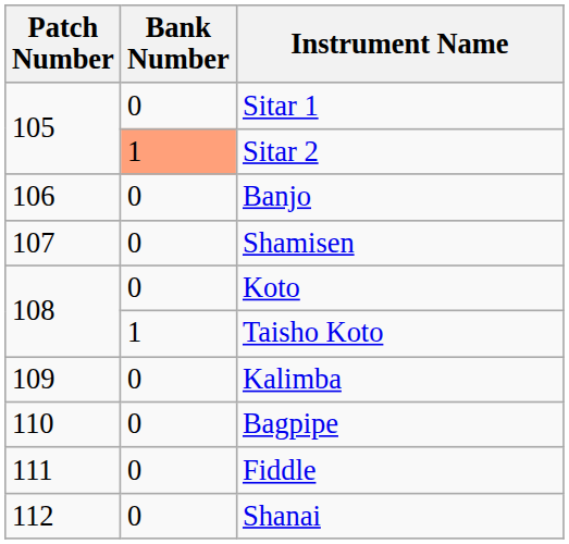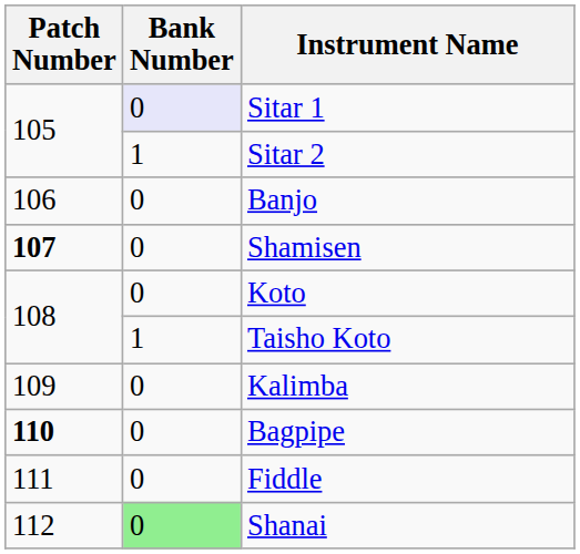 <table width="50%" class="wikitable">
 <tr>
 <th width="15%">Patch Number</th>
 <th width="15%">Bank Number</th>
 <th width="70%">Instrument Name</th>
 </tr>
 <tr>
 <td rowspan=2>105</td>
-<td>0</td>
+<td style="background: lavender;">0</td>
 <td><a href='#'>Sitar 1</a></td>
 </tr>
 <tr>
-<td style="background: lightsalmon;">1</td>
+<td>1</td>
 <td><a href='#'>Sitar 2</a></td>
 </tr>
 <tr>
 <td>106</td>
 <td>0</td>
 <td><a href='#'>Banjo</a></td>
 </tr>
 <tr>
-<td>107</td>
+<td><strong>107</strong></td>
 <td>0</td>
 <td><a href='#'>Shamisen</a></td>
 </tr>
 <tr>
 <td rowspan=2>108</td>
 <td>0</td>
 <td><a href='#'>Koto</a></td>
 </tr>
 <tr>
 <td>1</td>
 <td><a href='#'>Taisho Koto</a></td>
 </tr>
 <tr>
 <td>109</td>
 <td>0</td>
 <td><a href='#'>Kalimba</a></td>
 </tr>
 <tr>
-<td>110</td>
+<td><strong>110</strong></td>
 <td>0</td>
 <td><a href='#'>Bagpipe</a></td>
 </tr>
 <tr>
 <td>111</td>
 <td>0</td>
 <td><a href='#'>Fiddle</a></td>
 </tr>
 <tr>
 <td>112</td>
-<td>0</td>
+<td style="background: lightgreen;">0</td>
 <td><a href='#'>Shanai</a></td>
 </tr>
 </table>
